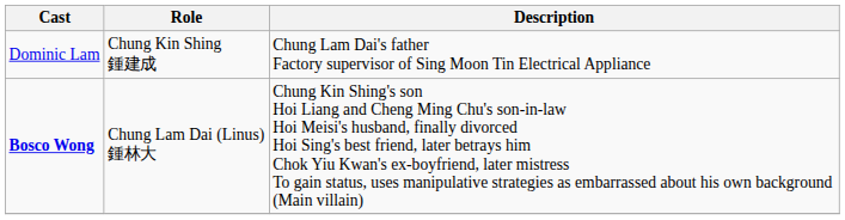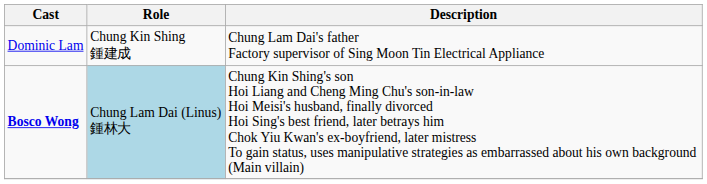 <table class="wikitable" width="65%">
 <tr>
 <th>Cast</th>
 <th>Role</th>
 <th>Description</th>
 </tr>
 <tr>
 <td><a href='#'>Dominic Lam</a></td>
 <td>Chung Kin Shing <br> 鍾建成</td>
 <td>Chung Lam Dai's father<br>Factory supervisor of Sing Moon Tin Electrical Appliance</td>
 </tr>
 <tr>
 <td><strong><a href='#'>Bosco Wong</a></strong></td>
-<td>Chung Lam Dai (Linus) <br> 鍾林大</td>
+<td style="background: lightblue;">Chung Lam Dai (Linus) <br> 鍾林大</td>
 <td>Chung Kin Shing's son <br> Hoi Liang and Cheng Ming Chu's son-in-law<br>Hoi Meisi's husband, finally divorced<br>Hoi Sing's best friend, later betrays him<br>Chok Yiu Kwan's ex-boyfriend, later mistress<br> To gain status, uses manipulative strategies as embarrassed about his own background<br>(Main villain)</td>
 </tr>
 <tr>
 </tr>
 </table>
